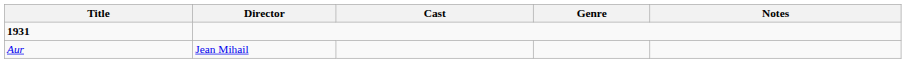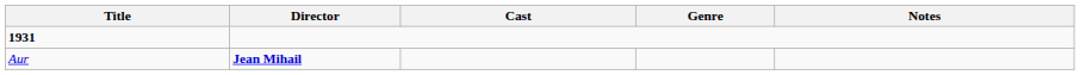 <table class="wikitable" width= "100%">
 <tr>
 <th width=21%>Title</th>
 <th width=16%>Director</th>
 <th width=22%>Cast</th>
 <th width=13%>Genre</th>
 <th width=28%>Notes</th>
 </tr>
 <tr>
 <td><strong>1931</strong></td>
 </tr>
 <tr>
 <td><em><a href='#'>Aur</a></em></td>
-<td><a href='#'>Jean Mihail</a></td>
+<td><strong><a href='#'>Jean Mihail</a></strong></td>
 <td></td>
 <td></td>
 <td></td>
 </tr>
 </table>
